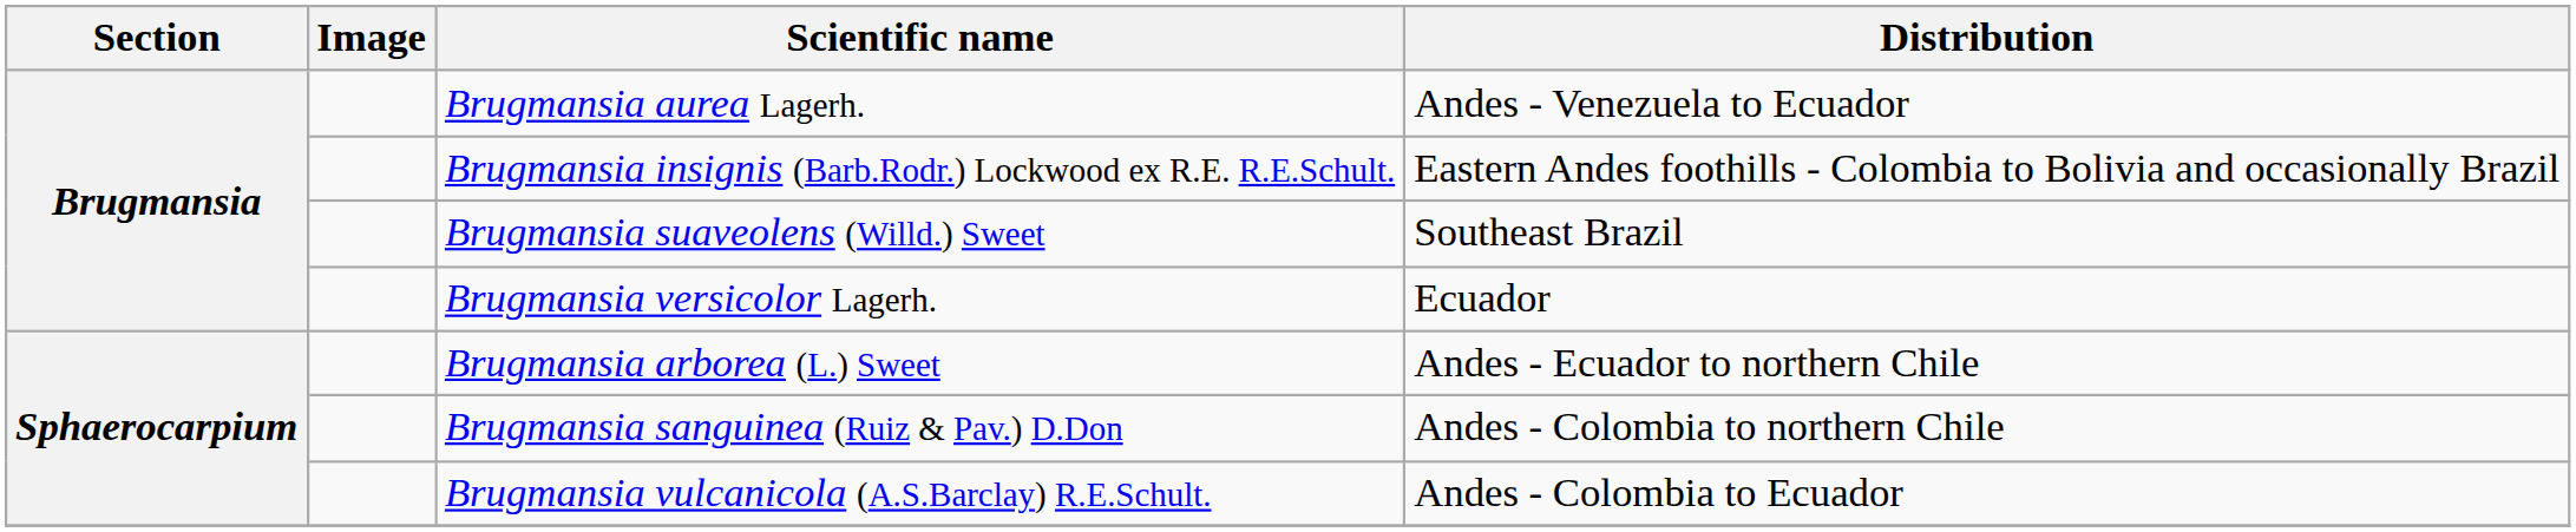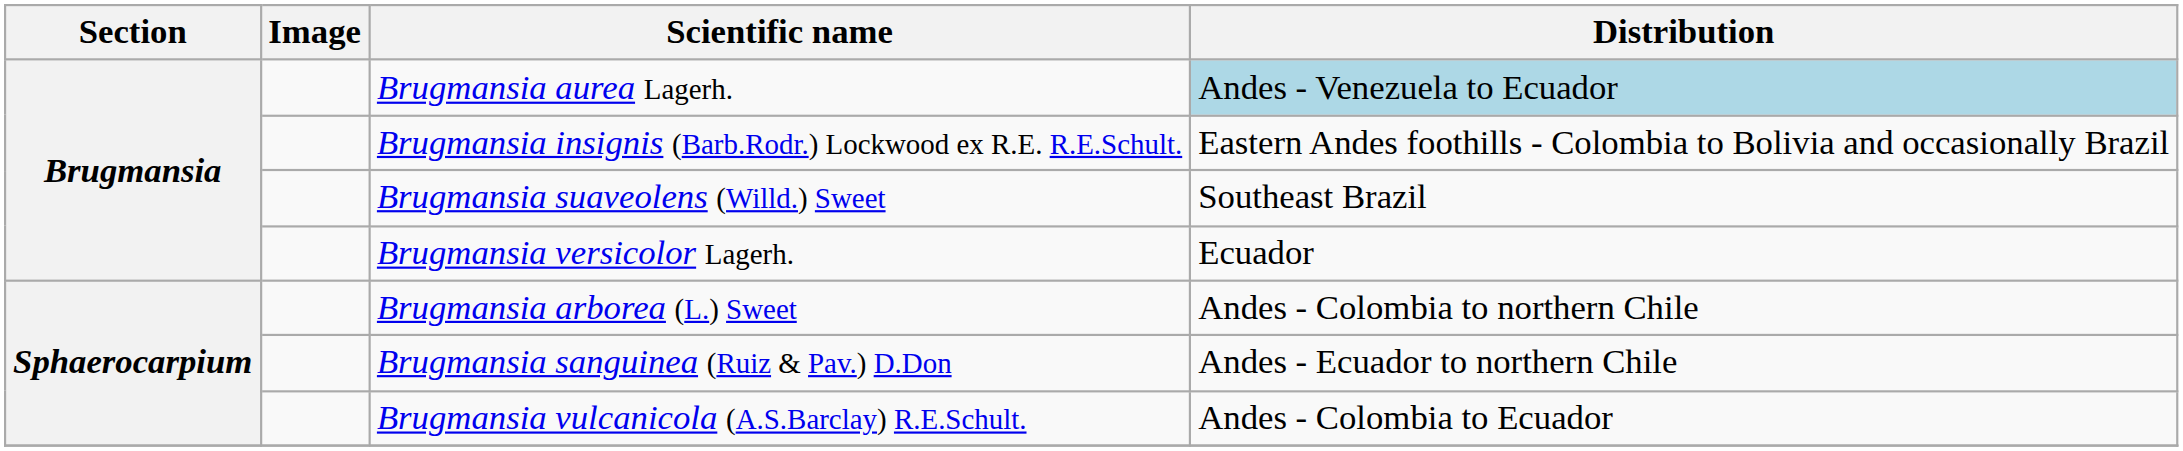 <table class="wikitable collapsible">
 <tr>
 <th>Section</th>
 <th>Image</th>
 <th>Scientific name</th>
 <th>Distribution</th>
 </tr>
 <tr>
 <th rowspan="4"  style="text-align:center;"><em>Brugmansia</em></th>
 <td></td>
 <td><em><a href='#'>Brugmansia aurea</a></em> <small>Lagerh.</small></td>
-<td>Andes - Venezuela to Ecuador</td>
+<td style="background: lightblue;">Andes - Venezuela to Ecuador</td>
 </tr>
 <tr>
 <td></td>
 <td><em><a href='#'>Brugmansia insignis</a></em> <small>(<a href='#'>Barb.Rodr.</a>) Lockwood ex R.E. <a href='#'>R.E.Schult.</a></small></td>
 <td>Eastern Andes foothills - Colombia to Bolivia and occasionally Brazil</td>
 </tr>
 <tr>
 <td></td>
 <td><em><a href='#'>Brugmansia suaveolens</a></em> <small>(<a href='#'>Willd.</a>) <a href='#'>Sweet</a></small></td>
 <td>Southeast Brazil</td>
 </tr>
 <tr>
 <td></td>
 <td><em><a href='#'>Brugmansia versicolor</a></em> <small>Lagerh.</small></td>
 <td>Ecuador</td>
 </tr>
 <tr>
 <th rowspan="3"  style="text-align:center;"><em>Sphaerocarpium</em></th>
 <td></td>
 <td><em><a href='#'>Brugmansia arborea</a></em> <small>(<a href='#'>L.</a>) <a href='#'>Sweet</a></small></td>
-<td>Andes - Ecuador to northern Chile</td>
+<td>Andes - Colombia to northern Chile</td>
 </tr>
 <tr>
 <td></td>
 <td><em><a href='#'>Brugmansia sanguinea</a></em> <small>(<a href='#'>Ruiz</a> & <a href='#'>Pav.</a>) <a href='#'>D.Don</a></small></td>
-<td>Andes - Colombia to northern Chile</td>
+<td>Andes - Ecuador to northern Chile</td>
 </tr>
 <tr>
 <td></td>
 <td><em><a href='#'>Brugmansia vulcanicola</a></em> <small>(<a href='#'>A.S.Barclay</a>) <a href='#'>R.E.Schult.</a> </small></td>
 <td>Andes - Colombia to Ecuador</td>
 </tr>
 <tr>
 </tr>
 </table>
